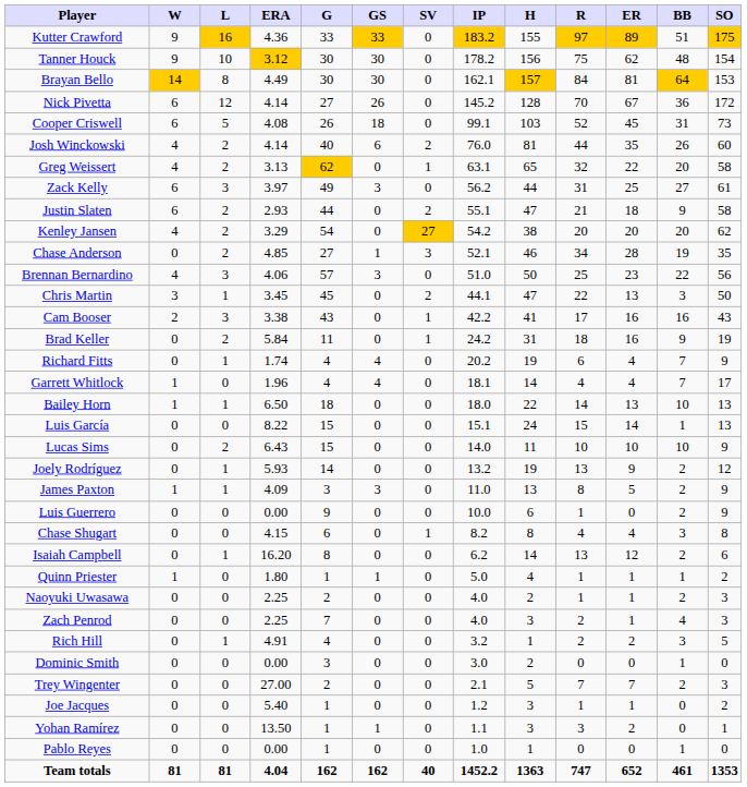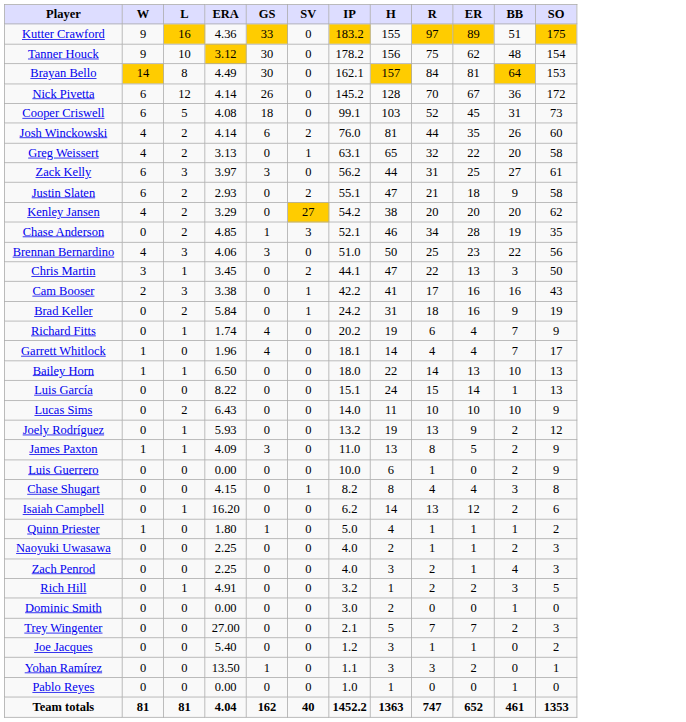 <table class="wikitable" style="text-align:center;">
 <tr>
 <th style="background:#ddf;width:20%;"><strong>Player</strong></th>
 <th style="background:#ddf;width:7%;"><strong>W</strong></th>
 <th style="background:#ddf;width:7%;"><strong>L</strong></th>
 <th style="background:#ddf;width:7%;"><strong>ERA</strong></th>
-<th style="background:#ddf;width:7%;"><strong>G</strong></th>
 <th style="background:#ddf;width:7%;"><strong>GS</strong></th>
 <th style="background:#ddf;width:7%;"><strong>SV</strong></th>
 <th style="background:#ddf;width:7%;"><strong>IP</strong></th>
 <th style="background:#ddf;width:7%;"><strong>H</strong></th>
 <th style="background:#ddf;width:7%;"><strong>R</strong></th>
 <th style="background:#ddf;width:7%;"><strong>ER</strong></th>
 <th style="background:#ddf;width:7%;"><strong>BB</strong></th>
 <th style="background:#ddf;width:7%;"><strong>SO</strong></th>
 </tr>
 <tr>
 <td><a href='#'>Kutter Crawford</a></td>
 <td>9</td>
 <td bgcolor=#ffcc00>16</td>
 <td>4.36</td>
-<td>33</td>
 <td bgcolor=#ffcc00>33</td>
 <td>0</td>
 <td bgcolor=#ffcc00>183.2</td>
 <td>155</td>
 <td bgcolor=#ffcc00>97</td>
 <td bgcolor=#ffcc00>89</td>
 <td>51</td>
 <td bgcolor=#ffcc00>175</td>
 </tr>
 <tr>
 <td><a href='#'>Tanner Houck</a></td>
 <td>9</td>
 <td>10</td>
 <td bgcolor=#ffcc00>3.12</td>
 <td>30</td>
-<td>30</td>
 <td>0</td>
 <td>178.2</td>
 <td>156</td>
 <td>75</td>
 <td>62</td>
 <td>48</td>
 <td>154</td>
 </tr>
 <tr>
 <td><a href='#'>Brayan Bello</a></td>
 <td bgcolor=#ffcc00>14</td>
 <td>8</td>
 <td>4.49</td>
 <td>30</td>
-<td>30</td>
 <td>0</td>
 <td>162.1</td>
 <td bgcolor=#ffcc00>157</td>
 <td>84</td>
 <td>81</td>
 <td bgcolor=#ffcc00>64</td>
 <td>153</td>
 </tr>
 <tr>
 <td><a href='#'>Nick Pivetta</a></td>
 <td>6</td>
 <td>12</td>
 <td>4.14</td>
-<td>27</td>
 <td>26</td>
 <td>0</td>
 <td>145.2</td>
 <td>128</td>
 <td>70</td>
 <td>67</td>
 <td>36</td>
 <td>172</td>
 </tr>
 <tr>
 <td><a href='#'>Cooper Criswell</a></td>
 <td>6</td>
 <td>5</td>
 <td>4.08</td>
-<td>26</td>
 <td>18</td>
 <td>0</td>
 <td>99.1</td>
 <td>103</td>
 <td>52</td>
 <td>45</td>
 <td>31</td>
 <td>73</td>
 </tr>
 <tr>
 <td><a href='#'>Josh Winckowski</a></td>
 <td>4</td>
 <td>2</td>
 <td>4.14</td>
-<td>40</td>
 <td>6</td>
 <td>2</td>
 <td>76.0</td>
 <td>81</td>
 <td>44</td>
 <td>35</td>
 <td>26</td>
 <td>60</td>
 </tr>
 <tr>
 <td><a href='#'>Greg Weissert</a></td>
 <td>4</td>
 <td>2</td>
 <td>3.13</td>
-<td bgcolor=#ffcc00>62</td>
 <td>0</td>
 <td>1</td>
 <td>63.1</td>
 <td>65</td>
 <td>32</td>
 <td>22</td>
 <td>20</td>
 <td>58</td>
 </tr>
 <tr>
 <td><a href='#'>Zack Kelly</a></td>
 <td>6</td>
 <td>3</td>
 <td>3.97</td>
-<td>49</td>
 <td>3</td>
 <td>0</td>
 <td>56.2</td>
 <td>44</td>
 <td>31</td>
 <td>25</td>
 <td>27</td>
 <td>61</td>
 </tr>
 <tr>
 <td><a href='#'>Justin Slaten</a></td>
 <td>6</td>
 <td>2</td>
 <td>2.93</td>
-<td>44</td>
 <td>0</td>
 <td>2</td>
 <td>55.1</td>
 <td>47</td>
 <td>21</td>
 <td>18</td>
 <td>9</td>
 <td>58</td>
 </tr>
 <tr>
 <td><a href='#'>Kenley Jansen</a></td>
 <td>4</td>
 <td>2</td>
 <td>3.29</td>
-<td>54</td>
 <td>0</td>
 <td bgcolor=#ffcc00>27</td>
 <td>54.2</td>
 <td>38</td>
 <td>20</td>
 <td>20</td>
 <td>20</td>
 <td>62</td>
 </tr>
 <tr>
 <td><a href='#'>Chase Anderson</a></td>
 <td>0</td>
 <td>2</td>
 <td>4.85</td>
-<td>27</td>
 <td>1</td>
 <td>3</td>
 <td>52.1</td>
 <td>46</td>
 <td>34</td>
 <td>28</td>
 <td>19</td>
 <td>35</td>
 </tr>
 <tr>
 <td><a href='#'>Brennan Bernardino</a></td>
 <td>4</td>
 <td>3</td>
 <td>4.06</td>
-<td>57</td>
 <td>3</td>
 <td>0</td>
 <td>51.0</td>
 <td>50</td>
 <td>25</td>
 <td>23</td>
 <td>22</td>
 <td>56</td>
 </tr>
 <tr>
 <td><a href='#'>Chris Martin</a></td>
 <td>3</td>
 <td>1</td>
 <td>3.45</td>
-<td>45</td>
 <td>0</td>
 <td>2</td>
 <td>44.1</td>
 <td>47</td>
 <td>22</td>
 <td>13</td>
 <td>3</td>
 <td>50</td>
 </tr>
 <tr>
 <td><a href='#'>Cam Booser</a></td>
 <td>2</td>
 <td>3</td>
 <td>3.38</td>
-<td>43</td>
 <td>0</td>
 <td>1</td>
 <td>42.2</td>
 <td>41</td>
 <td>17</td>
 <td>16</td>
 <td>16</td>
 <td>43</td>
 </tr>
 <tr>
 <td><a href='#'>Brad Keller</a></td>
 <td>0</td>
 <td>2</td>
 <td>5.84</td>
-<td>11</td>
 <td>0</td>
 <td>1</td>
 <td>24.2</td>
 <td>31</td>
 <td>18</td>
 <td>16</td>
 <td>9</td>
 <td>19</td>
 </tr>
 <tr>
 <td><a href='#'>Richard Fitts</a></td>
 <td>0</td>
 <td>1</td>
 <td>1.74</td>
 <td>4</td>
-<td>4</td>
 <td>0</td>
 <td>20.2</td>
 <td>19</td>
 <td>6</td>
 <td>4</td>
 <td>7</td>
 <td>9</td>
 </tr>
 <tr>
 <td><a href='#'>Garrett Whitlock</a></td>
 <td>1</td>
 <td>0</td>
 <td>1.96</td>
 <td>4</td>
-<td>4</td>
 <td>0</td>
 <td>18.1</td>
 <td>14</td>
 <td>4</td>
 <td>4</td>
 <td>7</td>
 <td>17</td>
 </tr>
 <tr>
 <td><a href='#'>Bailey Horn</a></td>
 <td>1</td>
 <td>1</td>
 <td>6.50</td>
-<td>18</td>
 <td>0</td>
 <td>0</td>
 <td>18.0</td>
 <td>22</td>
 <td>14</td>
 <td>13</td>
 <td>10</td>
 <td>13</td>
 </tr>
 <tr>
 <td><a href='#'>Luis García</a></td>
 <td>0</td>
 <td>0</td>
 <td>8.22</td>
-<td>15</td>
 <td>0</td>
 <td>0</td>
 <td>15.1</td>
 <td>24</td>
 <td>15</td>
 <td>14</td>
 <td>1</td>
 <td>13</td>
 </tr>
 <tr>
 <td><a href='#'>Lucas Sims</a></td>
 <td>0</td>
 <td>2</td>
 <td>6.43</td>
-<td>15</td>
 <td>0</td>
 <td>0</td>
 <td>14.0</td>
 <td>11</td>
 <td>10</td>
 <td>10</td>
 <td>10</td>
 <td>9</td>
 </tr>
 <tr>
 <td><a href='#'>Joely Rodríguez</a></td>
 <td>0</td>
 <td>1</td>
 <td>5.93</td>
-<td>14</td>
 <td>0</td>
 <td>0</td>
 <td>13.2</td>
 <td>19</td>
 <td>13</td>
 <td>9</td>
 <td>2</td>
 <td>12</td>
 </tr>
 <tr>
 <td><a href='#'>James Paxton</a></td>
 <td>1</td>
 <td>1</td>
 <td>4.09</td>
 <td>3</td>
-<td>3</td>
 <td>0</td>
 <td>11.0</td>
 <td>13</td>
 <td>8</td>
 <td>5</td>
 <td>2</td>
 <td>9</td>
 </tr>
 <tr>
 <td><a href='#'>Luis Guerrero</a></td>
 <td>0</td>
 <td>0</td>
 <td>0.00</td>
-<td>9</td>
 <td>0</td>
 <td>0</td>
 <td>10.0</td>
 <td>6</td>
 <td>1</td>
 <td>0</td>
 <td>2</td>
 <td>9</td>
 </tr>
 <tr>
 <td><a href='#'>Chase Shugart</a></td>
 <td>0</td>
 <td>0</td>
 <td>4.15</td>
-<td>6</td>
 <td>0</td>
 <td>1</td>
 <td>8.2</td>
 <td>8</td>
 <td>4</td>
 <td>4</td>
 <td>3</td>
 <td>8</td>
 </tr>
 <tr>
 <td><a href='#'>Isaiah Campbell</a></td>
 <td>0</td>
 <td>1</td>
 <td>16.20</td>
-<td>8</td>
 <td>0</td>
 <td>0</td>
 <td>6.2</td>
 <td>14</td>
 <td>13</td>
 <td>12</td>
 <td>2</td>
 <td>6</td>
 </tr>
 <tr>
 <td><a href='#'>Quinn Priester</a></td>
 <td>1</td>
 <td>0</td>
 <td>1.80</td>
 <td>1</td>
-<td>1</td>
 <td>0</td>
 <td>5.0</td>
 <td>4</td>
 <td>1</td>
 <td>1</td>
 <td>1</td>
 <td>2</td>
 </tr>
 <tr>
 <td><a href='#'>Naoyuki Uwasawa</a></td>
 <td>0</td>
 <td>0</td>
 <td>2.25</td>
-<td>2</td>
 <td>0</td>
 <td>0</td>
 <td>4.0</td>
 <td>2</td>
 <td>1</td>
 <td>1</td>
 <td>2</td>
 <td>3</td>
 </tr>
 <tr>
 <td><a href='#'>Zach Penrod</a></td>
 <td>0</td>
 <td>0</td>
 <td>2.25</td>
-<td>7</td>
 <td>0</td>
 <td>0</td>
 <td>4.0</td>
 <td>3</td>
 <td>2</td>
 <td>1</td>
 <td>4</td>
 <td>3</td>
 </tr>
 <tr>
 <td><a href='#'>Rich Hill</a></td>
 <td>0</td>
 <td>1</td>
 <td>4.91</td>
-<td>4</td>
 <td>0</td>
 <td>0</td>
 <td>3.2</td>
 <td>1</td>
 <td>2</td>
 <td>2</td>
 <td>3</td>
 <td>5</td>
 </tr>
 <tr>
 <td><a href='#'>Dominic Smith</a></td>
 <td>0</td>
 <td>0</td>
 <td>0.00</td>
-<td>3</td>
 <td>0</td>
 <td>0</td>
 <td>3.0</td>
 <td>2</td>
 <td>0</td>
 <td>0</td>
 <td>1</td>
 <td>0</td>
 </tr>
 <tr>
 <td><a href='#'>Trey Wingenter</a></td>
 <td>0</td>
 <td>0</td>
 <td>27.00</td>
-<td>2</td>
 <td>0</td>
 <td>0</td>
 <td>2.1</td>
 <td>5</td>
 <td>7</td>
 <td>7</td>
 <td>2</td>
 <td>3</td>
 </tr>
 <tr>
 <td><a href='#'>Joe Jacques</a></td>
 <td>0</td>
 <td>0</td>
 <td>5.40</td>
-<td>1</td>
 <td>0</td>
 <td>0</td>
 <td>1.2</td>
 <td>3</td>
 <td>1</td>
 <td>1</td>
 <td>0</td>
 <td>2</td>
 </tr>
 <tr>
 <td><a href='#'>Yohan Ramírez</a></td>
 <td>0</td>
 <td>0</td>
 <td>13.50</td>
 <td>1</td>
-<td>1</td>
 <td>0</td>
 <td>1.1</td>
 <td>3</td>
 <td>3</td>
 <td>2</td>
 <td>0</td>
 <td>1</td>
 </tr>
 <tr>
 <td><a href='#'>Pablo Reyes</a></td>
 <td>0</td>
 <td>0</td>
 <td>0.00</td>
-<td>1</td>
 <td>0</td>
 <td>0</td>
 <td>1.0</td>
 <td>1</td>
 <td>0</td>
 <td>0</td>
 <td>1</td>
 <td>0</td>
 </tr>
 <tr>
 <td><strong>Team totals</strong></td>
 <td><strong>81</strong></td>
 <td><strong>81</strong></td>
 <td><strong>4.04</strong></td>
 <td><strong>162</strong></td>
-<td><strong>162</strong></td>
 <td><strong>40</strong></td>
 <td><strong>1452.2</strong></td>
 <td><strong>1363</strong></td>
 <td><strong>747</strong></td>
 <td><strong>652</strong></td>
 <td><strong>461</strong></td>
 <td><strong>1353</strong></td>
 </tr>
 </table>
